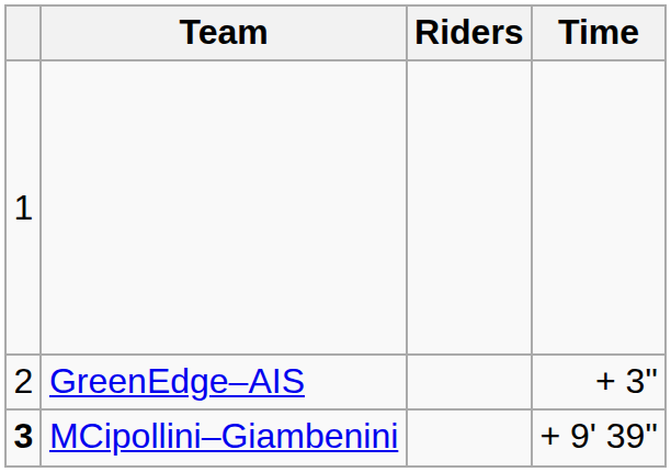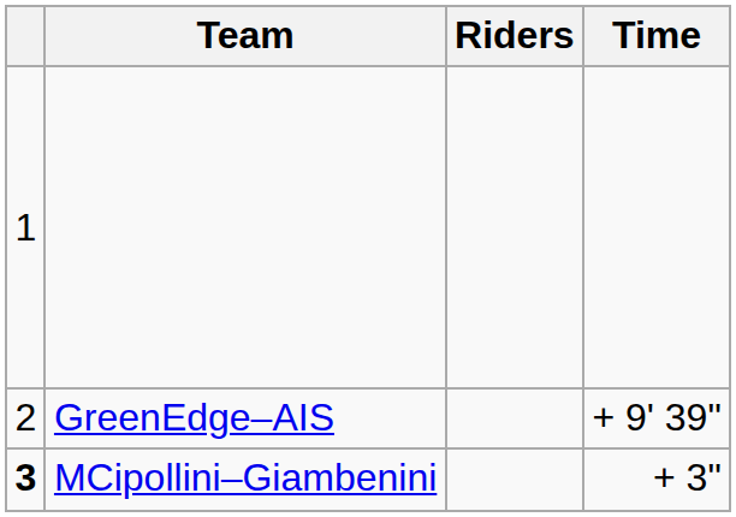 <table class="wikitable">
 <tr>
 <th></th>
 <th>Team</th>
 <th>Riders</th>
 <th>Time</th>
 </tr>
 <tr>
 <td>1</td>
 <td></td>
 <td><br><br> <br> <br> <br> <br> <br></td>
 <td></td>
 </tr>
 <tr>
 <td>2</td>
 <td><a href='#'>GreenEdge–AIS</a></td>
 <td></td>
-<td align="right">+ 3"</td>
+<td align="right">+ 9' 39"</td>
 </tr>
 <tr>
 <td><strong>3</strong></td>
 <td><a href='#'>MCipollini–Giambenini</a></td>
 <td></td>
-<td align="right">+ 9' 39"</td>
+<td align="right">+ 3"</td>
 </tr>
 </table>
